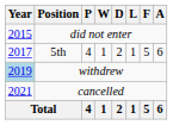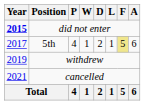 <table class="wikitable" style="text-align: center;">
 <tr>
 <th>Year</th>
 <th>Position</th>
 <th>P</th>
 <th>W</th>
 <th>D</th>
 <th>L</th>
 <th>F</th>
 <th>A</th>
 </tr>
 <tr>
-<td> <a href='#'>2015</a></td>
+<td><strong> <a href='#'>2015</a></strong></td>
 <td colspan=7><em>did not enter</em></td>
 </tr>
 <tr>
 <td> <a href='#'>2017</a></td>
 <td>5th</td>
 <td>4</td>
 <td>1</td>
 <td>2</td>
 <td>1</td>
-<td>5</td>
+<td style="background: khaki;">5</td>
 <td>6</td>
 </tr>
 <tr>
-<td style="background: lightblue;"> <a href='#'>2019</a></td>
+<td> <a href='#'>2019</a></td>
 <td colspan=7><em>withdrew</em></td>
 </tr>
 <tr>
 <td> <a href='#'>2021</a></td>
 <td colspan=7><em>cancelled</em></td>
 </tr>
 <tr>
 <th colspan=2>Total</th>
 <th>4</th>
 <th>1</th>
 <th>2</th>
 <th>1</th>
 <th>5</th>
 <th>6</th>
 </tr>
 </table>
